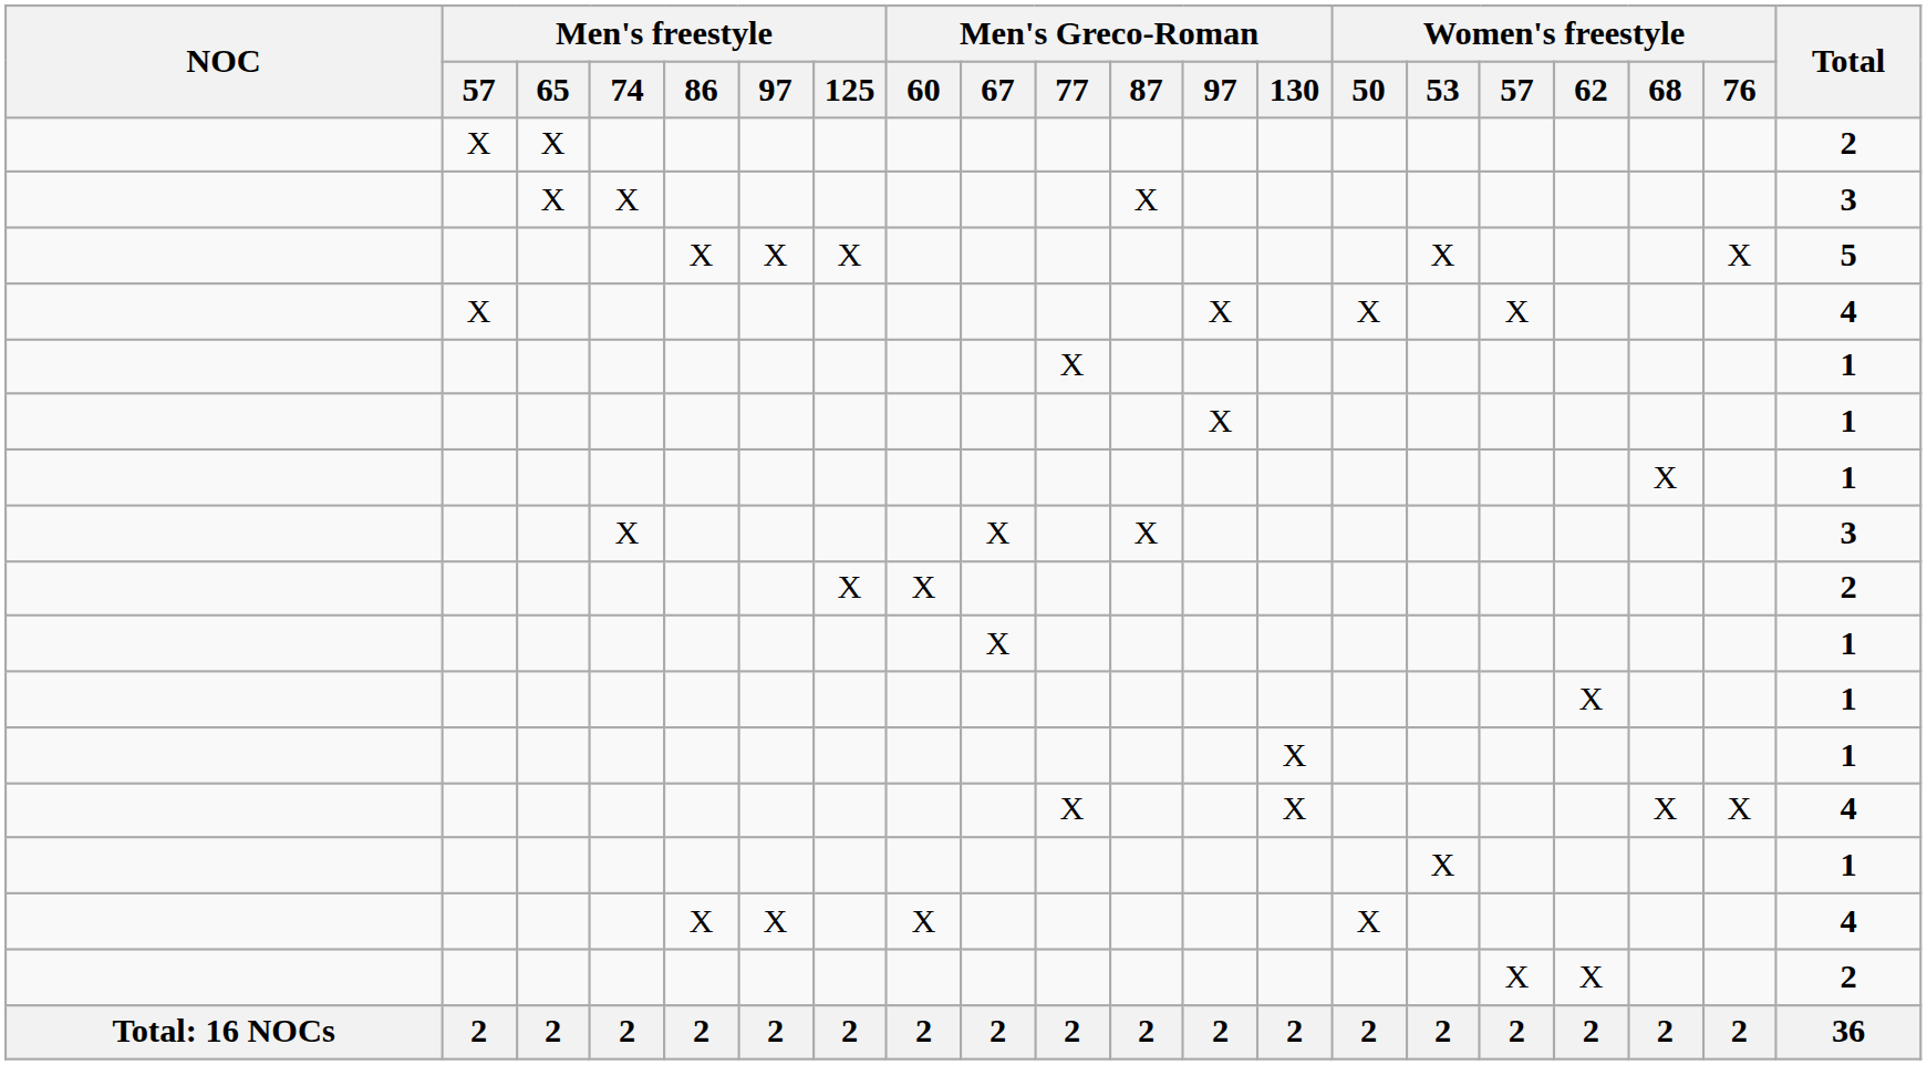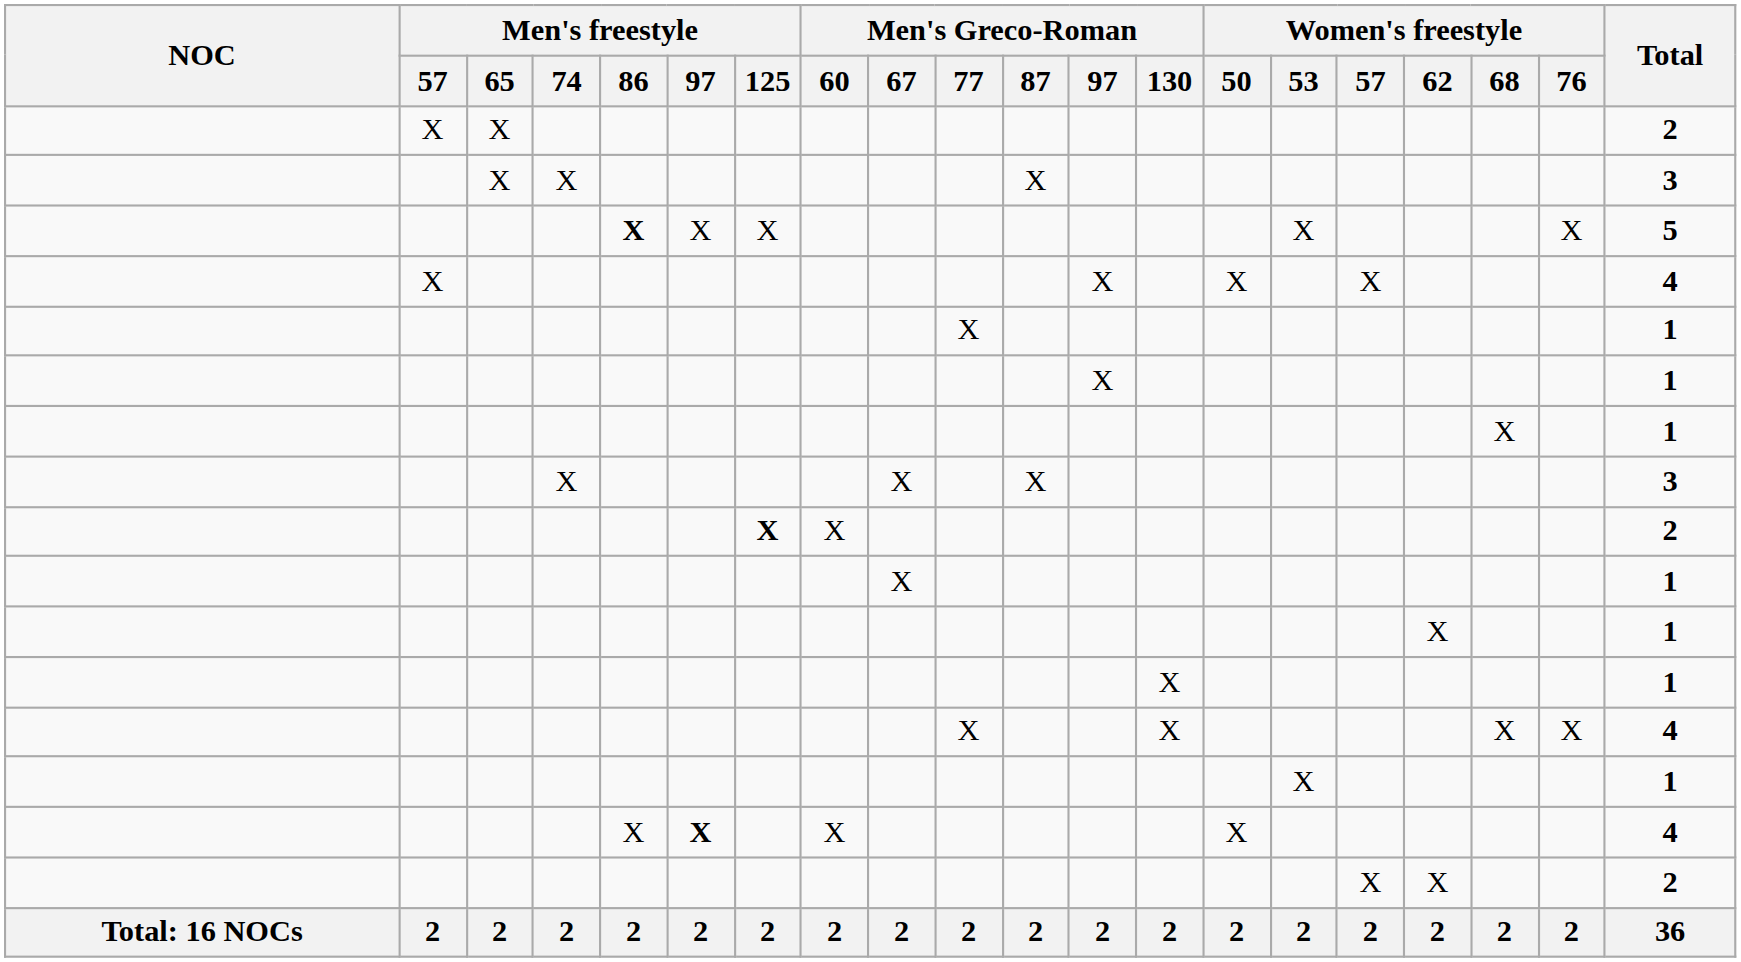 <table class="wikitable" style="text-align:center; font-size:90%">
 <tr>
 <th rowspan="2" width=180 style="text-align:center;">NOC</th>
 <th colspan="6">Men's freestyle</th>
 <th colspan="6">Men's Greco-Roman</th>
 <th colspan=6>Women's freestyle</th>
 <th ! width=55 rowspan="2">Total</th>
 </tr>
 <tr>
 <th width="25">57</th>
 <th width="25">65</th>
 <th width="25">74</th>
 <th width="25">86</th>
 <th width="25">97</th>
 <th width="25">125</th>
 <th width="25">60</th>
 <th width="25">67</th>
 <th width="25">77</th>
 <th width="25">87</th>
 <th width="25">97</th>
 <th width="25">130</th>
 <th width="25">50</th>
 <th width="25">53</th>
 <th width="25">57</th>
 <th width="25">62</th>
 <th width="25">68</th>
 <th width="25">76</th>
 </tr>
 <tr>
 <td align=left></td>
 <td>X</td>
 <td>X</td>
 <td></td>
 <td></td>
 <td></td>
 <td></td>
 <td></td>
 <td></td>
 <td></td>
 <td></td>
 <td></td>
 <td></td>
 <td></td>
 <td></td>
 <td></td>
 <td></td>
 <td></td>
 <td></td>
 <td><strong>2</strong></td>
 </tr>
 <tr>
 <td align=left></td>
 <td></td>
 <td>X</td>
 <td>X</td>
 <td></td>
 <td></td>
 <td></td>
 <td></td>
 <td></td>
 <td></td>
 <td>X</td>
 <td></td>
 <td></td>
 <td></td>
 <td></td>
 <td></td>
 <td></td>
 <td></td>
 <td></td>
 <td><strong>3</strong></td>
 </tr>
 <tr>
 <td align=left></td>
 <td></td>
 <td></td>
 <td></td>
-<td>X</td>
+<td><strong>X</strong></td>
 <td>X</td>
 <td>X</td>
 <td></td>
 <td></td>
 <td></td>
 <td></td>
 <td></td>
 <td></td>
 <td></td>
 <td>X</td>
 <td></td>
 <td></td>
 <td></td>
 <td>X</td>
 <td><strong>5</strong></td>
 </tr>
 <tr>
 <td align=left></td>
 <td>X</td>
 <td></td>
 <td></td>
 <td></td>
 <td></td>
 <td></td>
 <td></td>
 <td></td>
 <td></td>
 <td></td>
 <td>X</td>
 <td></td>
 <td>X</td>
 <td></td>
 <td>X</td>
 <td></td>
 <td></td>
 <td></td>
 <td><strong>4</strong></td>
 </tr>
 <tr>
 <td align=left></td>
 <td></td>
 <td></td>
 <td></td>
 <td></td>
 <td></td>
 <td></td>
 <td></td>
 <td></td>
 <td>X</td>
 <td></td>
 <td></td>
 <td></td>
 <td></td>
 <td></td>
 <td></td>
 <td></td>
 <td></td>
 <td></td>
 <td><strong>1</strong></td>
 </tr>
 <tr>
 <td align=left></td>
 <td></td>
 <td></td>
 <td></td>
 <td></td>
 <td></td>
 <td></td>
 <td></td>
 <td></td>
 <td></td>
 <td></td>
 <td>X</td>
 <td></td>
 <td></td>
 <td></td>
 <td></td>
 <td></td>
 <td></td>
 <td></td>
 <td><strong>1</strong></td>
 </tr>
 <tr>
 <td align=left></td>
 <td></td>
 <td></td>
 <td></td>
 <td></td>
 <td></td>
 <td></td>
 <td></td>
 <td></td>
 <td></td>
 <td></td>
 <td></td>
 <td></td>
 <td></td>
 <td></td>
 <td></td>
 <td></td>
 <td>X</td>
 <td></td>
 <td><strong>1</strong></td>
 </tr>
 <tr>
 <td align=left></td>
 <td></td>
 <td></td>
 <td>X</td>
 <td></td>
 <td></td>
 <td></td>
 <td></td>
 <td>X</td>
 <td></td>
 <td>X</td>
 <td></td>
 <td></td>
 <td></td>
 <td></td>
 <td></td>
 <td></td>
 <td></td>
 <td></td>
 <td><strong>3</strong></td>
 </tr>
 <tr>
 <td align=left></td>
 <td></td>
 <td></td>
 <td></td>
 <td></td>
 <td></td>
-<td>X</td>
+<td><strong>X</strong></td>
 <td>X</td>
 <td></td>
 <td></td>
 <td></td>
 <td></td>
 <td></td>
 <td></td>
 <td></td>
 <td></td>
 <td></td>
 <td></td>
 <td></td>
 <td><strong>2</strong></td>
 </tr>
 <tr>
 <td align=left></td>
 <td></td>
 <td></td>
 <td></td>
 <td></td>
 <td></td>
 <td></td>
 <td></td>
 <td>X</td>
 <td></td>
 <td></td>
 <td></td>
 <td></td>
 <td></td>
 <td></td>
 <td></td>
 <td></td>
 <td></td>
 <td></td>
 <td><strong>1</strong></td>
 </tr>
 <tr>
 <td align=left></td>
 <td></td>
 <td></td>
 <td></td>
 <td></td>
 <td></td>
 <td></td>
 <td></td>
 <td></td>
 <td></td>
 <td></td>
 <td></td>
 <td></td>
 <td></td>
 <td></td>
 <td></td>
 <td>X</td>
 <td></td>
 <td></td>
 <td><strong>1</strong></td>
 </tr>
 <tr>
 <td align=left></td>
 <td></td>
 <td></td>
 <td></td>
 <td></td>
 <td></td>
 <td></td>
 <td></td>
 <td></td>
 <td></td>
 <td></td>
 <td></td>
 <td>X</td>
 <td></td>
 <td></td>
 <td></td>
 <td></td>
 <td></td>
 <td></td>
 <td><strong>1</strong></td>
 </tr>
 <tr>
 <td align=left></td>
 <td></td>
 <td></td>
 <td></td>
 <td></td>
 <td></td>
 <td></td>
 <td></td>
 <td></td>
 <td>X</td>
 <td></td>
 <td></td>
 <td>X</td>
 <td></td>
 <td></td>
 <td></td>
 <td></td>
 <td>X</td>
 <td>X</td>
 <td><strong>4</strong></td>
 </tr>
 <tr>
 <td align=left></td>
 <td></td>
 <td></td>
 <td></td>
 <td></td>
 <td></td>
 <td></td>
 <td></td>
 <td></td>
 <td></td>
 <td></td>
 <td></td>
 <td></td>
 <td></td>
 <td>X</td>
 <td></td>
 <td></td>
 <td></td>
 <td></td>
 <td><strong>1</strong></td>
 </tr>
 <tr>
 <td align=left></td>
 <td></td>
 <td></td>
 <td></td>
 <td>X</td>
-<td>X</td>
+<td><strong>X</strong></td>
 <td></td>
 <td>X</td>
 <td></td>
 <td></td>
 <td></td>
 <td></td>
 <td></td>
 <td>X</td>
 <td></td>
 <td></td>
 <td></td>
 <td></td>
 <td></td>
 <td><strong>4</strong></td>
 </tr>
 <tr>
 <td align=left></td>
 <td></td>
 <td></td>
 <td></td>
 <td></td>
 <td></td>
 <td></td>
 <td></td>
 <td></td>
 <td></td>
 <td></td>
 <td></td>
 <td></td>
 <td></td>
 <td></td>
 <td>X</td>
 <td>X</td>
 <td></td>
 <td></td>
 <td><strong>2</strong></td>
 </tr>
 <tr>
 <th>Total: 16 NOCs</th>
 <th>2</th>
 <th>2</th>
 <th>2</th>
 <th>2</th>
 <th>2</th>
 <th>2</th>
 <th>2</th>
 <th>2</th>
 <th>2</th>
 <th>2</th>
 <th>2</th>
 <th>2</th>
 <th>2</th>
 <th>2</th>
 <th>2</th>
 <th>2</th>
 <th>2</th>
 <th>2</th>
 <th>36</th>
 </tr>
 </table>
